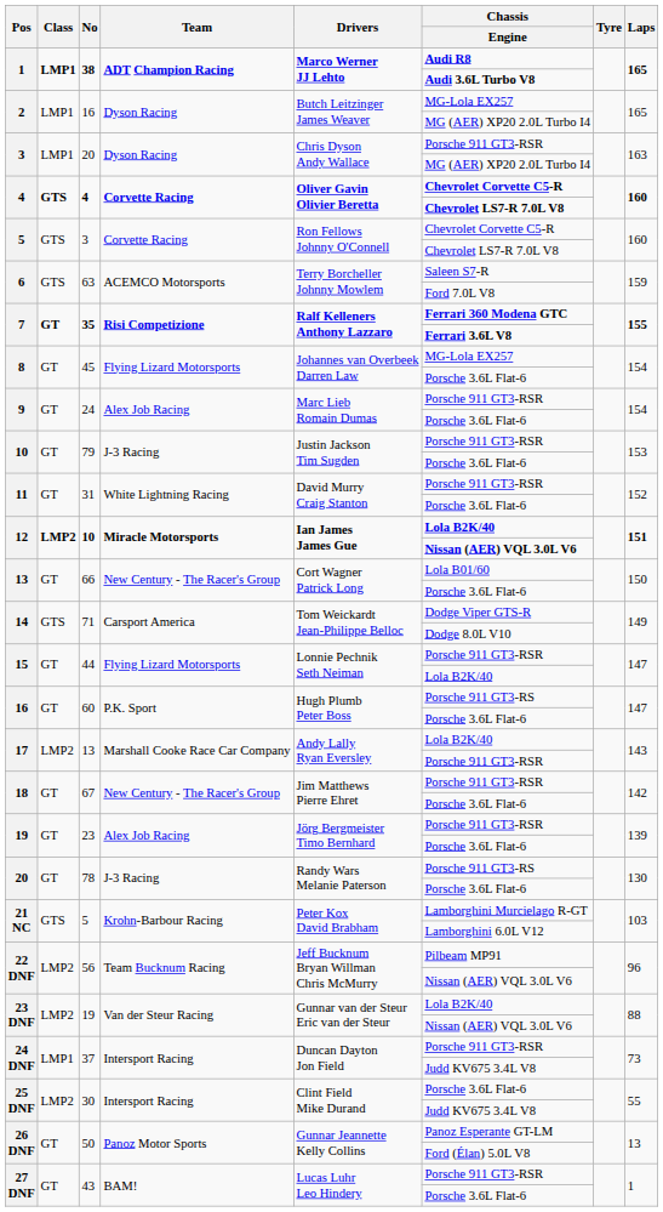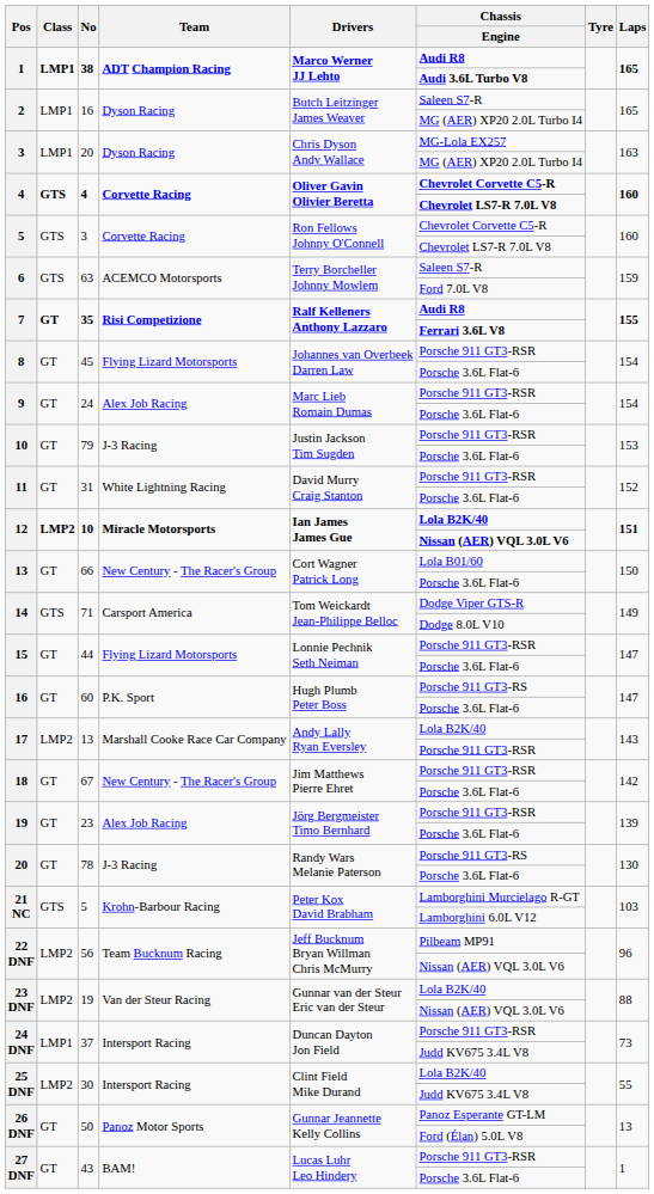 <table class="wikitable" style="font-size: 95%;">
 <tr>
 <th rowspan=2>Pos</th>
 <th rowspan=2>Class</th>
 <th rowspan=2>No</th>
 <th rowspan=2>Team</th>
 <th rowspan=2>Drivers</th>
 <th>Chassis</th>
 <th rowspan=2>Tyre</th>
 <th rowspan=2>Laps</th>
 </tr>
 <tr>
 <th>Engine</th>
 </tr>
 <tr style="font-weight:bold">
 <th rowspan=2>1</th>
 <td rowspan=2>LMP1</td>
 <td rowspan=2>38</td>
 <td rowspan=2> <a href='#'>ADT</a> <a href='#'>Champion Racing</a></td>
 <td rowspan=2> <a href='#'>Marco Werner</a><br> <a href='#'>JJ Lehto</a></td>
 <td><a href='#'>Audi R8</a></td>
 <td rowspan=2></td>
 <td rowspan=2>165</td>
 </tr>
 <tr style="font-weight:bold">
 <td><a href='#'>Audi</a> 3.6L Turbo V8</td>
 </tr>
 <tr>
 <th rowspan=2>2</th>
 <td rowspan=2>LMP1</td>
 <td rowspan=2>16</td>
 <td rowspan=2> <a href='#'>Dyson Racing</a></td>
 <td rowspan=2> <a href='#'>Butch Leitzinger</a><br> <a href='#'>James Weaver</a></td>
-<td><a href='#'>MG-Lola EX257</a></td>
+<td><a href='#'>Saleen S7</a>-R</td>
 <td rowspan=2></td>
 <td rowspan=2>165</td>
 </tr>
 <tr>
 <td><a href='#'>MG</a> (<a href='#'>AER</a>) XP20 2.0L Turbo I4</td>
 </tr>
 <tr>
 <th rowspan=2>3</th>
 <td rowspan=2>LMP1</td>
 <td rowspan=2>20</td>
 <td rowspan=2> <a href='#'>Dyson Racing</a></td>
 <td rowspan=2> <a href='#'>Chris Dyson</a><br> <a href='#'>Andy Wallace</a></td>
-<td><a href='#'>Porsche 911 GT3</a>-RSR</td>
+<td><a href='#'>MG-Lola EX257</a></td>
 <td rowspan=2></td>
 <td rowspan=2>163</td>
 </tr>
 <tr>
 <td><a href='#'>MG</a> (<a href='#'>AER</a>) XP20 2.0L Turbo I4</td>
 </tr>
 <tr style="font-weight:bold">
 <th rowspan=2>4</th>
 <td rowspan=2>GTS</td>
 <td rowspan=2>4</td>
 <td rowspan=2> <a href='#'>Corvette Racing</a></td>
 <td rowspan=2> <a href='#'>Oliver Gavin</a><br> <a href='#'>Olivier Beretta</a></td>
 <td><a href='#'>Chevrolet Corvette C5</a>-R</td>
 <td rowspan=2></td>
 <td rowspan=2>160</td>
 </tr>
 <tr style="font-weight:bold">
 <td><a href='#'>Chevrolet</a> LS7-R 7.0L V8</td>
 </tr>
 <tr>
 <th rowspan=2>5</th>
 <td rowspan=2>GTS</td>
 <td rowspan=2>3</td>
 <td rowspan=2> <a href='#'>Corvette Racing</a></td>
 <td rowspan=2> <a href='#'>Ron Fellows</a><br> <a href='#'>Johnny O'Connell</a></td>
 <td><a href='#'>Chevrolet Corvette C5</a>-R</td>
 <td rowspan=2></td>
 <td rowspan=2>160</td>
 </tr>
 <tr>
 <td><a href='#'>Chevrolet</a> LS7-R 7.0L V8</td>
 </tr>
 <tr>
 <th rowspan=2>6</th>
 <td rowspan=2>GTS</td>
 <td rowspan=2>63</td>
 <td rowspan=2> ACEMCO Motorsports</td>
 <td rowspan=2> <a href='#'>Terry Borcheller</a><br> <a href='#'>Johnny Mowlem</a></td>
 <td><a href='#'>Saleen S7</a>-R</td>
 <td rowspan=2></td>
 <td rowspan=2>159</td>
 </tr>
 <tr>
 <td><a href='#'>Ford</a> 7.0L V8</td>
 </tr>
 <tr style="font-weight:bold">
 <th rowspan=2>7</th>
 <td rowspan=2>GT</td>
 <td rowspan=2>35</td>
 <td rowspan=2> <a href='#'>Risi Competizione</a></td>
 <td rowspan=2> <a href='#'>Ralf Kelleners</a><br> <a href='#'>Anthony Lazzaro</a></td>
-<td><a href='#'>Ferrari 360 Modena</a> GTC</td>
+<td><a href='#'>Audi R8</a></td>
 <td rowspan=2></td>
 <td rowspan=2>155</td>
 </tr>
 <tr style="font-weight:bold">
 <td><a href='#'>Ferrari</a> 3.6L V8</td>
 </tr>
 <tr>
 <th rowspan=2>8</th>
 <td rowspan=2>GT</td>
 <td rowspan=2>45</td>
 <td rowspan=2> <a href='#'>Flying Lizard Motorsports</a></td>
 <td rowspan=2> <a href='#'>Johannes van Overbeek</a><br> <a href='#'>Darren Law</a></td>
-<td><a href='#'>MG-Lola EX257</a></td>
+<td><a href='#'>Porsche 911 GT3</a>-RSR</td>
 <td rowspan=2></td>
 <td rowspan=2>154</td>
 </tr>
 <tr>
 <td><a href='#'>Porsche</a> 3.6L Flat-6</td>
 </tr>
 <tr>
 <th rowspan=2>9</th>
 <td rowspan=2>GT</td>
 <td rowspan=2>24</td>
 <td rowspan=2> <a href='#'>Alex Job Racing</a></td>
 <td rowspan=2> <a href='#'>Marc Lieb</a><br> <a href='#'>Romain Dumas</a></td>
 <td><a href='#'>Porsche 911 GT3</a>-RSR</td>
 <td rowspan=2></td>
 <td rowspan=2>154</td>
 </tr>
 <tr>
 <td><a href='#'>Porsche</a> 3.6L Flat-6</td>
 </tr>
 <tr>
 <th rowspan=2>10</th>
 <td rowspan=2>GT</td>
 <td rowspan=2>79</td>
 <td rowspan=2> J-3 Racing</td>
 <td rowspan=2> Justin Jackson<br> <a href='#'>Tim Sugden</a></td>
 <td><a href='#'>Porsche 911 GT3</a>-RSR</td>
 <td rowspan=2></td>
 <td rowspan=2>153</td>
 </tr>
 <tr>
 <td><a href='#'>Porsche</a> 3.6L Flat-6</td>
 </tr>
 <tr>
 <th rowspan=2>11</th>
 <td rowspan=2>GT</td>
 <td rowspan=2>31</td>
 <td rowspan=2> White Lightning Racing</td>
 <td rowspan=2> David Murry<br> <a href='#'>Craig Stanton</a></td>
 <td><a href='#'>Porsche 911 GT3</a>-RSR</td>
 <td rowspan=2></td>
 <td rowspan=2>152</td>
 </tr>
 <tr>
 <td><a href='#'>Porsche</a> 3.6L Flat-6</td>
 </tr>
 <tr style="font-weight:bold">
 <th rowspan=2>12</th>
 <td rowspan=2>LMP2</td>
 <td rowspan=2>10</td>
 <td rowspan=2> Miracle Motorsports</td>
 <td rowspan=2> Ian James<br> James Gue</td>
 <td><a href='#'>Lola B2K/40</a></td>
 <td rowspan=2></td>
 <td rowspan=2>151</td>
 </tr>
 <tr style="font-weight:bold">
 <td><a href='#'>Nissan</a> (<a href='#'>AER</a>) VQL 3.0L V6</td>
 </tr>
 <tr>
 <th rowspan=2>13</th>
 <td rowspan=2>GT</td>
 <td rowspan=2>66</td>
 <td rowspan=2> <a href='#'>New Century</a> - <a href='#'>The Racer's Group</a></td>
 <td rowspan=2> Cort Wagner<br> <a href='#'>Patrick Long</a></td>
 <td><a href='#'>Lola B01/60</a></td>
 <td rowspan=2></td>
 <td rowspan=2>150</td>
 </tr>
 <tr>
 <td><a href='#'>Porsche</a> 3.6L Flat-6</td>
 </tr>
 <tr>
 <th rowspan=2>14</th>
 <td rowspan=2>GTS</td>
 <td rowspan=2>71</td>
 <td rowspan=2> Carsport America</td>
 <td rowspan=2> Tom Weickardt<br> <a href='#'>Jean-Philippe Belloc</a></td>
 <td><a href='#'>Dodge Viper GTS-R</a></td>
 <td rowspan=2></td>
 <td rowspan=2>149</td>
 </tr>
 <tr>
 <td><a href='#'>Dodge</a> 8.0L V10</td>
 </tr>
 <tr>
 <th rowspan=2>15</th>
 <td rowspan=2>GT</td>
 <td rowspan=2>44</td>
 <td rowspan=2> <a href='#'>Flying Lizard Motorsports</a></td>
 <td rowspan=2> Lonnie Pechnik<br> <a href='#'>Seth Neiman</a></td>
 <td><a href='#'>Porsche 911 GT3</a>-RSR</td>
 <td rowspan=2></td>
 <td rowspan=2>147</td>
 </tr>
 <tr>
-<td><a href='#'>Lola B2K/40</a></td>
+<td><a href='#'>Porsche</a> 3.6L Flat-6</td>
 </tr>
 <tr>
 <th rowspan=2>16</th>
 <td rowspan=2>GT</td>
 <td rowspan=2>60</td>
 <td rowspan=2> P.K. Sport</td>
 <td rowspan=2> Hugh Plumb<br> <a href='#'>Peter Boss</a></td>
 <td><a href='#'>Porsche 911 GT3</a>-RS</td>
 <td rowspan=2></td>
 <td rowspan=2>147</td>
 </tr>
 <tr>
 <td><a href='#'>Porsche</a> 3.6L Flat-6</td>
 </tr>
 <tr>
 <th rowspan=2>17</th>
 <td rowspan=2>LMP2</td>
 <td rowspan=2>13</td>
 <td rowspan=2> Marshall Cooke Race Car Company</td>
 <td rowspan=2> <a href='#'>Andy Lally</a><br> <a href='#'>Ryan Eversley</a></td>
 <td><a href='#'>Lola B2K/40</a></td>
 <td rowspan=2></td>
 <td rowspan=2>143</td>
 </tr>
 <tr>
 <td><a href='#'>Porsche 911 GT3</a>-RSR</td>
 </tr>
 <tr>
 <th rowspan=2>18</th>
 <td rowspan=2>GT</td>
 <td rowspan=2>67</td>
 <td rowspan=2> <a href='#'>New Century</a> - <a href='#'>The Racer's Group</a></td>
 <td rowspan=2> Jim Matthews<br> Pierre Ehret</td>
 <td><a href='#'>Porsche 911 GT3</a>-RSR</td>
 <td rowspan=2></td>
 <td rowspan=2>142</td>
 </tr>
 <tr>
 <td><a href='#'>Porsche</a> 3.6L Flat-6</td>
 </tr>
 <tr>
 <th rowspan=2>19</th>
 <td rowspan=2>GT</td>
 <td rowspan=2>23</td>
 <td rowspan=2> <a href='#'>Alex Job Racing</a></td>
 <td rowspan=2> <a href='#'>Jörg Bergmeister</a><br> <a href='#'>Timo Bernhard</a></td>
 <td><a href='#'>Porsche 911 GT3</a>-RSR</td>
 <td rowspan=2></td>
 <td rowspan=2>139</td>
 </tr>
 <tr>
 <td><a href='#'>Porsche</a> 3.6L Flat-6</td>
 </tr>
 <tr>
 <th rowspan=2>20</th>
 <td rowspan=2>GT</td>
 <td rowspan=2>78</td>
 <td rowspan=2> J-3 Racing</td>
 <td rowspan=2> Randy Wars<br> Melanie Paterson</td>
 <td><a href='#'>Porsche 911 GT3</a>-RS</td>
 <td rowspan=2></td>
 <td rowspan=2>130</td>
 </tr>
 <tr>
 <td><a href='#'>Porsche</a> 3.6L Flat-6</td>
 </tr>
 <tr>
 <th rowspan=2>21<br>NC</th>
 <td rowspan=2>GTS</td>
 <td rowspan=2>5</td>
 <td rowspan=2> <a href='#'>Krohn</a>-Barbour Racing</td>
 <td rowspan=2> <a href='#'>Peter Kox</a><br> <a href='#'>David Brabham</a></td>
 <td><a href='#'>Lamborghini Murcielago</a> R-GT</td>
 <td rowspan=2></td>
 <td rowspan=2>103</td>
 </tr>
 <tr>
 <td><a href='#'>Lamborghini</a> 6.0L V12</td>
 </tr>
 <tr>
 <th rowspan=2>22<br>DNF</th>
 <td rowspan=2>LMP2</td>
 <td rowspan=2>56</td>
 <td rowspan=2> Team <a href='#'>Bucknum</a> Racing</td>
 <td rowspan=2> <a href='#'>Jeff Bucknum</a><br> Bryan Willman<br> Chris McMurry</td>
 <td><a href='#'>Pilbeam</a> MP91</td>
 <td rowspan=2></td>
 <td rowspan=2>96</td>
 </tr>
 <tr>
 <td><a href='#'>Nissan</a> (<a href='#'>AER</a>) VQL 3.0L V6</td>
 </tr>
 <tr>
 <th rowspan=2>23<br>DNF</th>
 <td rowspan=2>LMP2</td>
 <td rowspan=2>19</td>
 <td rowspan=2> Van der Steur Racing</td>
 <td rowspan=2> Gunnar van der Steur<br> Eric van der Steur</td>
 <td><a href='#'>Lola B2K/40</a></td>
 <td rowspan=2></td>
 <td rowspan=2>88</td>
 </tr>
 <tr>
 <td><a href='#'>Nissan</a> (<a href='#'>AER</a>) VQL 3.0L V6</td>
 </tr>
 <tr>
 <th rowspan=2>24<br>DNF</th>
 <td rowspan=2>LMP1</td>
 <td rowspan=2>37</td>
 <td rowspan=2> Intersport Racing</td>
 <td rowspan=2> Duncan Dayton<br> Jon Field</td>
 <td><a href='#'>Porsche 911 GT3</a>-RSR</td>
 <td rowspan=2></td>
 <td rowspan=2>73</td>
 </tr>
 <tr>
 <td><a href='#'>Judd</a> KV675 3.4L V8</td>
 </tr>
 <tr>
 <th rowspan=2>25<br>DNF</th>
 <td rowspan=2>LMP2</td>
 <td rowspan=2>30</td>
 <td rowspan=2> Intersport Racing</td>
 <td rowspan=2> Clint Field<br> Mike Durand</td>
-<td><a href='#'>Porsche</a> 3.6L Flat-6</td>
+<td><a href='#'>Lola B2K/40</a></td>
 <td rowspan=2></td>
 <td rowspan=2>55</td>
 </tr>
 <tr>
 <td><a href='#'>Judd</a> KV675 3.4L V8</td>
 </tr>
 <tr>
 <th rowspan=2>26<br>DNF</th>
 <td rowspan=2>GT</td>
 <td rowspan=2>50</td>
 <td rowspan=2> <a href='#'>Panoz</a> Motor Sports</td>
 <td rowspan=2> <a href='#'>Gunnar Jeannette</a><br> Kelly Collins</td>
 <td><a href='#'>Panoz Esperante</a> GT-LM</td>
 <td rowspan=2></td>
 <td rowspan=2>13</td>
 </tr>
 <tr>
 <td><a href='#'>Ford</a> (<a href='#'>Élan</a>) 5.0L V8</td>
 </tr>
 <tr>
 <th rowspan=2>27<br>DNF</th>
 <td rowspan=2>GT</td>
 <td rowspan=2>43</td>
 <td rowspan=2> BAM!</td>
 <td rowspan=2> <a href='#'>Lucas Luhr</a><br> <a href='#'>Leo Hindery</a></td>
 <td><a href='#'>Porsche 911 GT3</a>-RSR</td>
 <td rowspan=2></td>
 <td rowspan=2>1</td>
 </tr>
 <tr>
 <td><a href='#'>Porsche</a> 3.6L Flat-6</td>
 </tr>
 </table>
